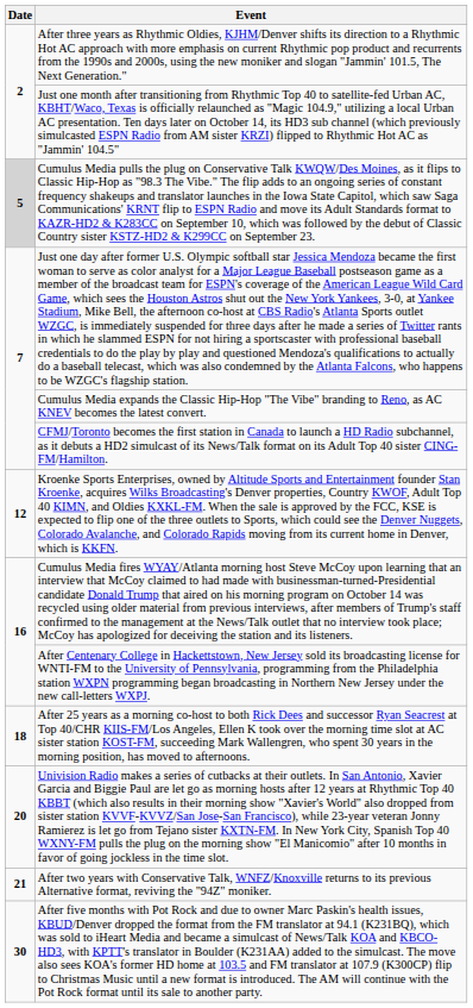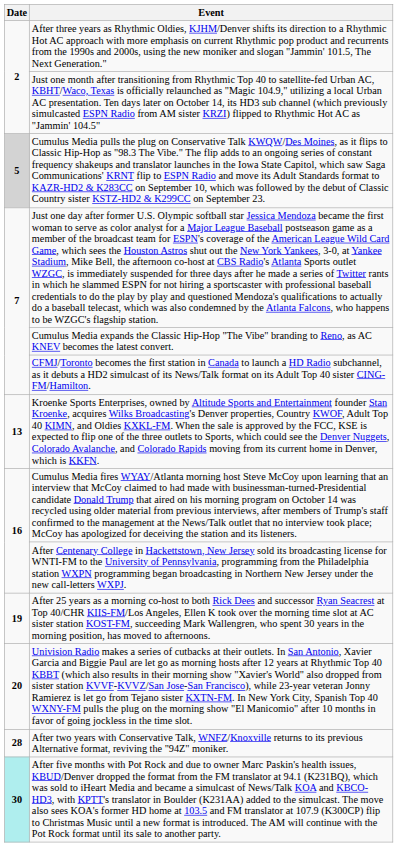 <table class="wikitable">
 <tr>
 <th>Date</th>
 <th>Event</th>
 </tr>
 <tr>
 <td style="text-align:center" rowspan=2><strong>2</strong></td>
 <td>After three years as Rhythmic Oldies, <a href='#'>KJHM</a>/Denver shifts its direction to a Rhythmic Hot AC approach with more emphasis on current Rhythmic pop product and recurrents from the 1990s and 2000s, using the new moniker and slogan "Jammin' 101.5, The Next Generation."</td>
 </tr>
 <tr>
 <td>Just one month after transitioning from Rhythmic Top 40 to satellite-fed Urban AC, <a href='#'>KBHT</a>/<a href='#'>Waco, Texas</a> is officially relaunched as "Magic 104.9," utilizing a local Urban AC presentation. Ten days later on October 14, its HD3 sub channel (which previously simulcasted <a href='#'>ESPN Radio</a> from AM sister <a href='#'>KRZI</a>) flipped to Rhythmic Hot AC as "Jammin' 104.5"</td>
 </tr>
 <tr>
 <td style="background: lightgrey; text-align:center"><strong>5</strong></td>
 <td>Cumulus Media pulls the plug on Conservative Talk <a href='#'>KWQW</a>/<a href='#'>Des Moines</a>, as it flips to Classic Hip-Hop as "98.3 The Vibe." The flip adds to an ongoing series of constant frequency shakeups and translator launches in the Iowa State Capitol, which saw Saga Communications' <a href='#'>KRNT</a> flip to <a href='#'>ESPN Radio</a> and move its Adult Standards format to <a href='#'>KAZR-HD2 & K283CC</a> on September 10, which was followed by the debut of Classic Country sister <a href='#'>KSTZ-HD2 & K299CC</a> on September 23.</td>
 </tr>
 <tr>
 <td style="text-align:center" rowspan="3"><strong>7</strong></td>
 <td>Just one day after former U.S. Olympic softball star <a href='#'>Jessica Mendoza</a> became the first woman to serve as color analyst for a <a href='#'>Major League Baseball</a> postseason game as a member of the broadcast team for <a href='#'>ESPN</a>'s coverage of the <a href='#'>American League Wild Card Game</a>, which sees the <a href='#'>Houston Astros</a> shut out the <a href='#'>New York Yankees</a>, 3-0, at <a href='#'>Yankee Stadium</a>, Mike Bell, the afternoon co-host at <a href='#'>CBS Radio</a>'s <a href='#'>Atlanta</a> Sports outlet <a href='#'>WZGC</a>, is immediately suspended for three days after he made a series of <a href='#'>Twitter</a> rants in which he slammed ESPN for not hiring a sportscaster with professional baseball credentials to do the play by play and questioned Mendoza's qualifications to actually do a baseball telecast, which was also condemned by the <a href='#'>Atlanta Falcons</a>, who happens to be WZGC's flagship station.</td>
 </tr>
 <tr>
 <td>Cumulus Media expands the Classic Hip-Hop "The Vibe" branding to <a href='#'>Reno</a>, as AC <a href='#'>KNEV</a> becomes the latest convert.</td>
 </tr>
 <tr>
 <td><a href='#'>CFMJ</a>/<a href='#'>Toronto</a> becomes the first station in <a href='#'>Canada</a> to launch a <a href='#'>HD Radio</a> subchannel, as it debuts a HD2 simulcast of its News/Talk format on its Adult Top 40 sister <a href='#'>CING-FM</a>/<a href='#'>Hamilton</a>.</td>
 </tr>
 <tr>
-<td style="text-align:center"><strong>12</strong></td>
+<td style="text-align:center"><strong>13</strong></td>
 <td>Kroenke Sports Enterprises, owned by <a href='#'>Altitude Sports and Entertainment</a> founder <a href='#'>Stan Kroenke</a>, acquires <a href='#'>Wilks Broadcasting</a>'s Denver properties, Country <a href='#'>KWOF</a>, Adult Top 40 <a href='#'>KIMN</a>, and Oldies <a href='#'>KXKL-FM</a>. When the sale is approved by the FCC, KSE is expected to flip one of the three outlets to Sports, which could see the <a href='#'>Denver Nuggets</a>, <a href='#'>Colorado Avalanche</a>, and <a href='#'>Colorado Rapids</a> moving from its current home in Denver, which is <a href='#'>KKFN</a>.</td>
 </tr>
 <tr>
 <td rowspan="2" style="text-align:center"><strong>16</strong></td>
 <td>Cumulus Media fires <a href='#'>WYAY</a>/Atlanta morning host Steve McCoy upon learning that an interview that McCoy claimed to had made with businessman-turned-Presidential candidate <a href='#'>Donald Trump</a> that aired on his morning program on October 14 was recycled using older material from previous interviews, after members of Trump's staff confirmed to the management at the News/Talk outlet that no interview took place; McCoy has apologized for deceiving the station and its listeners.</td>
 </tr>
 <tr>
 <td>After <a href='#'>Centenary College</a> in <a href='#'>Hackettstown, New Jersey</a> sold its broadcasting license for WNTI-FM to the <a href='#'>University of Pennsylvania</a>, programming from the Philadelphia station <a href='#'>WXPN</a> programming began broadcasting in Northern New Jersey under the new call-letters <a href='#'>WXPJ</a>.</td>
 </tr>
 <tr>
-<td style="text-align:center"><strong>18</strong></td>
+<td style="text-align:center"><strong>19</strong></td>
 <td>After 25 years as a morning co-host to both <a href='#'>Rick Dees</a> and successor <a href='#'>Ryan Seacrest</a> at Top 40/CHR <a href='#'>KIIS-FM</a>/Los Angeles, Ellen K took over the morning time slot at AC sister station <a href='#'>KOST-FM</a>, succeeding Mark Wallengren, who spent 30 years in the morning position, has moved to afternoons.</td>
 </tr>
 <tr>
 <td style="text-align:center"><strong>20</strong></td>
 <td><a href='#'>Univision Radio</a> makes a series of cutbacks at their outlets. In <a href='#'>San Antonio</a>, Xavier Garcia and Biggie Paul are let go as morning hosts after 12 years at Rhythmic Top 40 <a href='#'>KBBT</a> (which also results in their morning show "Xavier's World" also dropped from sister station <a href='#'>KVVF</a>-<a href='#'>KVVZ</a>/<a href='#'>San Jose</a>-<a href='#'>San Francisco</a>), while 23-year veteran Jonny Ramierez is let go from Tejano sister <a href='#'>KXTN-FM</a>. In New York City, Spanish Top 40 <a href='#'>WXNY-FM</a> pulls the plug on the morning show "El Manicomio" after 10 months in favor of going jockless in the time slot.</td>
 </tr>
 <tr>
-<td style="text-align:center"><strong>21</strong></td>
+<td style="text-align:center"><strong>28</strong></td>
 <td>After two years with Conservative Talk, <a href='#'>WNFZ</a>/<a href='#'>Knoxville</a> returns to its previous Alternative format, reviving the "94Z" moniker.</td>
 </tr>
 <tr>
-<td style="text-align:center"><strong>30</strong></td>
+<td style="background: paleturquoise; text-align:center"><strong>30</strong></td>
 <td>After five months with Pot Rock and due to owner Marc Paskin's health issues, <a href='#'>KBUD</a>/Denver dropped the format from the FM translator at 94.1 (K231BQ), which was sold to iHeart Media and became a simulcast of News/Talk <a href='#'>KOA</a> and <a href='#'>KBCO-HD3</a>, with <a href='#'>KPTT</a>'s translator in Boulder (K231AA) added to the simulcast. The move also sees KOA's former HD home at <a href='#'>103.5</a> and FM translator at 107.9 (K300CP) flip to Christmas Music until a new format is introduced. The AM will continue with the Pot Rock format until its sale to another party.</td>
 </tr>
 </table>
